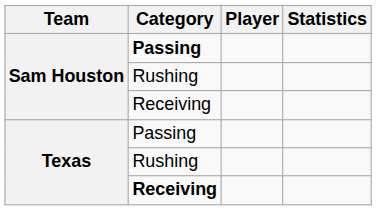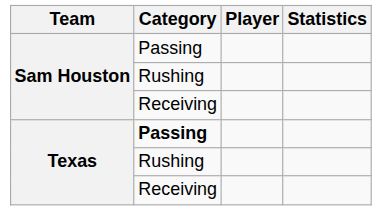 <table class="wikitable" style="float:right">
 <tr>
 <th>Team</th>
 <th>Category</th>
 <th>Player</th>
 <th>Statistics</th>
 </tr>
 <tr>
 <th rowspan=3>Sam Houston</th>
-<td><strong>Passing</strong></td>
+<td>Passing</td>
 <td></td>
 <td></td>
 </tr>
 <tr>
 <td>Rushing</td>
 <td></td>
 <td></td>
 </tr>
 <tr>
 <td>Receiving</td>
 <td></td>
 <td></td>
 </tr>
 <tr>
 <th rowspan=3>Texas</th>
-<td>Passing</td>
+<td><strong>Passing</strong></td>
 <td></td>
 <td></td>
 </tr>
 <tr>
 <td>Rushing</td>
 <td></td>
 <td></td>
 </tr>
 <tr>
-<td><strong>Receiving</strong></td>
+<td>Receiving</td>
 <td></td>
 <td></td>
 </tr>
 </table>
